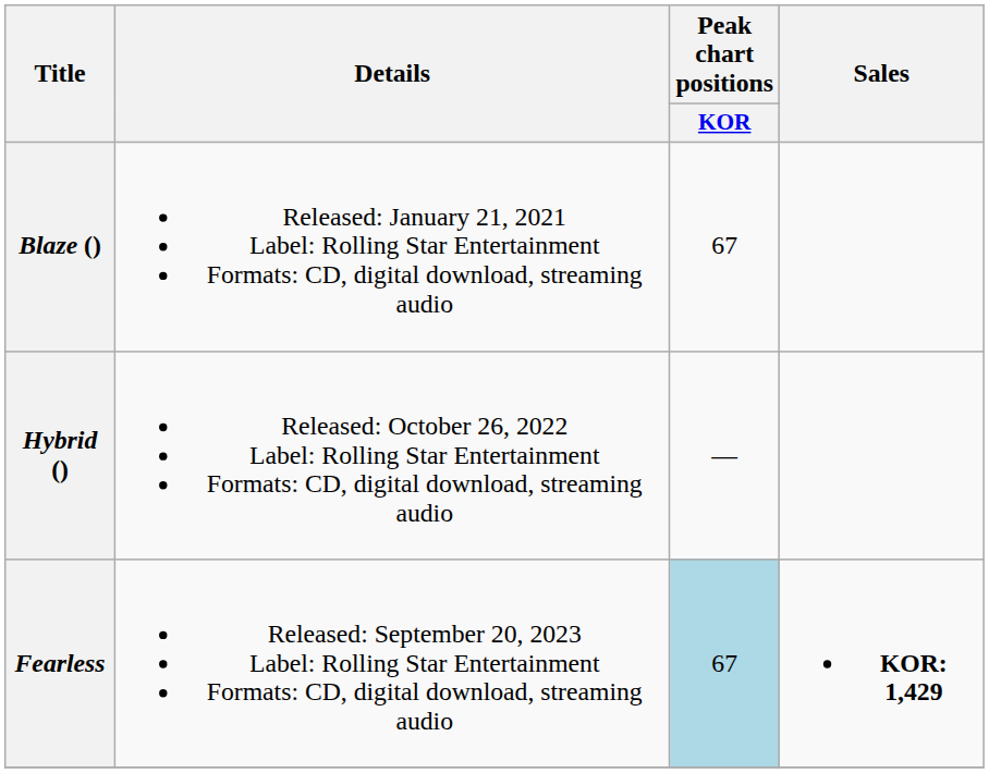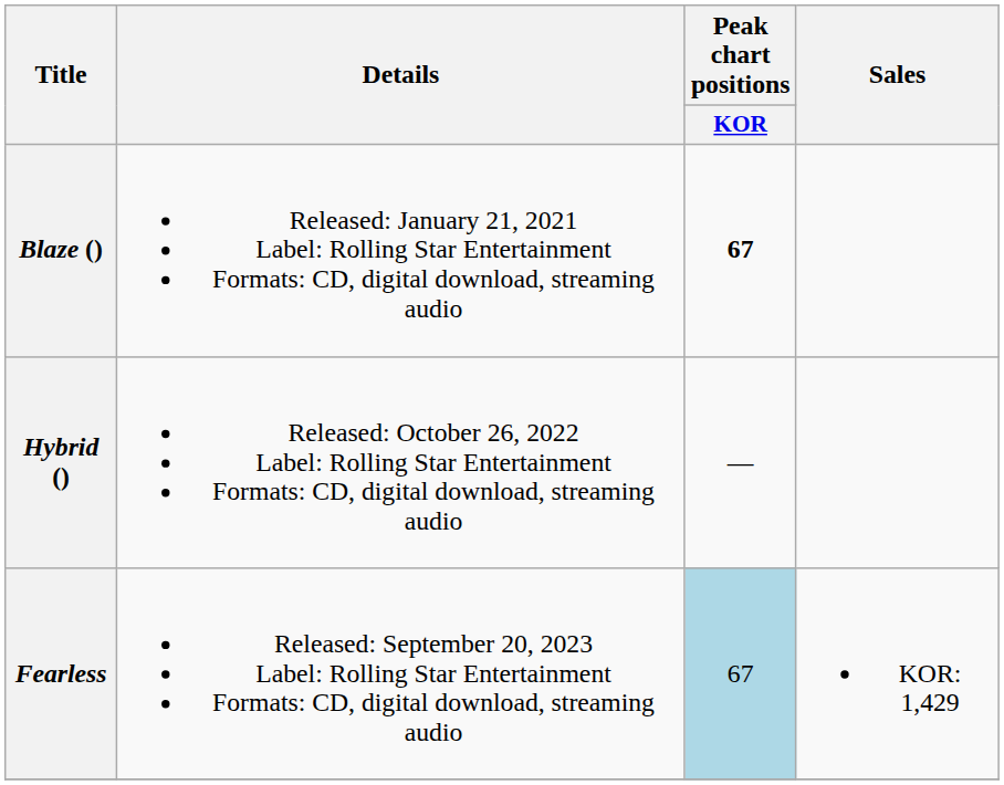 <table class="wikitable plainrowheaders" style="text-align:center;">
 <tr>
 <th rowspan="2" scope="col">Title</th>
 <th rowspan="2" scope="col">Details</th>
 <th colspan="1">Peak chart positions</th>
 <th rowspan="2" scope="col">Sales</th>
 </tr>
 <tr>
 <th scope="col" style="width:3em;font-size:90%;"><a href='#'>KOR</a><br></th>
 </tr>
 <tr>
 <th scope="row"><em>Blaze</em> ()</th>
 <td><br><ul><li>Released: January 21, 2021</li><li>Label: Rolling Star Entertainment</li><li>Formats: CD, digital download, streaming audio</li></ul></td>
-<td>67</td>
+<td><strong>67</strong></td>
 <td></td>
 </tr>
 <tr>
 <th scope="row"><em>Hybrid</em> ()</th>
 <td><br><ul><li>Released: October 26, 2022</li><li>Label: Rolling Star Entertainment</li><li>Formats: CD, digital download, streaming audio</li></ul></td>
 <td>—</td>
 <td></td>
 </tr>
 <tr>
 <th scope="row"><em>Fearless</em></th>
 <td><br><ul><li>Released: September 20, 2023</li><li>Label: Rolling Star Entertainment</li><li>Formats: CD, digital download, streaming audio</li></ul></td>
 <td style="background: lightblue;">67</td>
-<td><strong><br><ul><li>KOR: 1,429</li></ul></strong></td>
+<td><br><ul><li>KOR: 1,429</li></ul></td>
 </tr>
 <tr>
 </tr>
 </table>
